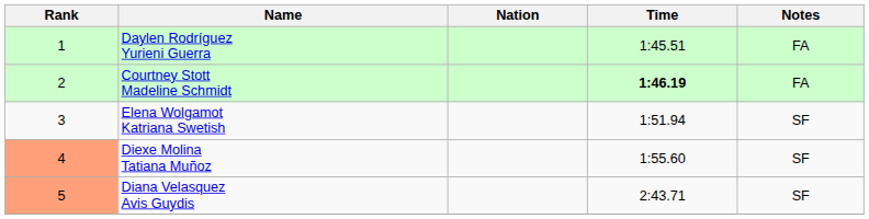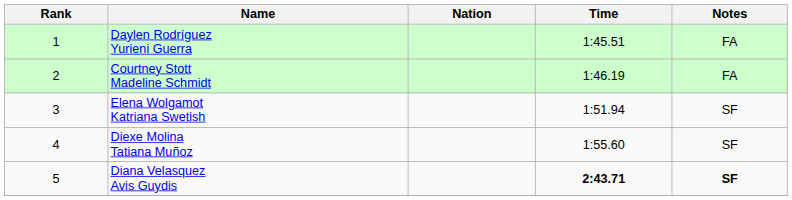 <table class="wikitable sortable" style="text-align:center" width=50%>
 <tr>
 <th>Rank</th>
 <th>Name</th>
 <th>Nation</th>
 <th>Time</th>
 <th>Notes</th>
 </tr>
 <tr bgcolor=ccffcc>
 <td>1</td>
 <td align=left><a href='#'>Daylen Rodríguez</a><br><a href='#'>Yurieni Guerra</a></td>
 <td align=left></td>
 <td>1:45.51</td>
 <td>FA</td>
 </tr>
 <tr bgcolor=ccffcc>
 <td>2</td>
 <td align=left><a href='#'>Courtney Stott</a><br><a href='#'>Madeline Schmidt</a></td>
 <td align=left></td>
-<td><strong>1:46.19</strong></td>
+<td>1:46.19</td>
 <td>FA</td>
 </tr>
 <tr>
 <td>3</td>
 <td align=left><a href='#'>Elena Wolgamot</a><br><a href='#'>Katriana Swetish</a></td>
 <td align=left></td>
 <td>1:51.94</td>
 <td>SF</td>
 </tr>
 <tr>
-<td style="background: lightsalmon;">4</td>
+<td>4</td>
 <td align=left><a href='#'>Diexe Molina</a><br><a href='#'>Tatiana Muñoz</a></td>
 <td align=left></td>
 <td>1:55.60</td>
 <td>SF</td>
 </tr>
 <tr>
-<td style="background: lightsalmon;">5</td>
+<td>5</td>
 <td align=left><a href='#'>Diana Velasquez</a><br><a href='#'>Avis Guydis</a></td>
 <td align=left></td>
-<td>2:43.71</td>
-<td>SF</td>
+<td><strong>2:43.71</strong></td>
+<td><strong>SF</strong></td>
 </tr>
 <tr>
 </tr>
 </table>
